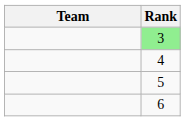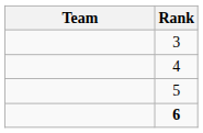 <table class="wikitable" style="white-space:nowrap; display:inline-table;">
 <tr>
 <th style="width:150px">Team</th>
 <th>Rank</th>
 </tr>
 <tr>
 <td><s></s></td>
-<td style="background: lightgreen; text-align:center">3</td>
+<td style="text-align:center">3</td>
 </tr>
 <tr>
 <td></td>
 <td style="text-align:center">4</td>
 </tr>
 <tr>
 <td></td>
 <td style="text-align:center">5</td>
 </tr>
 <tr>
 <td></td>
-<td style="text-align:center">6</td>
+<td style="text-align:center"><strong>6</strong></td>
 </tr>
 </table>
